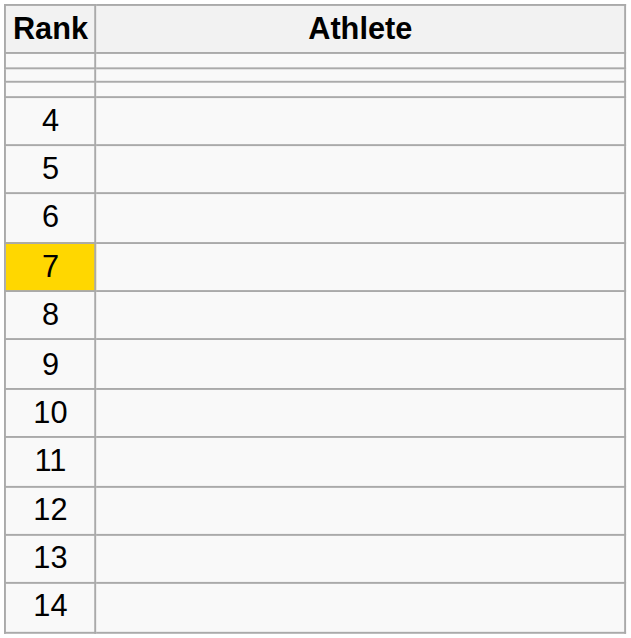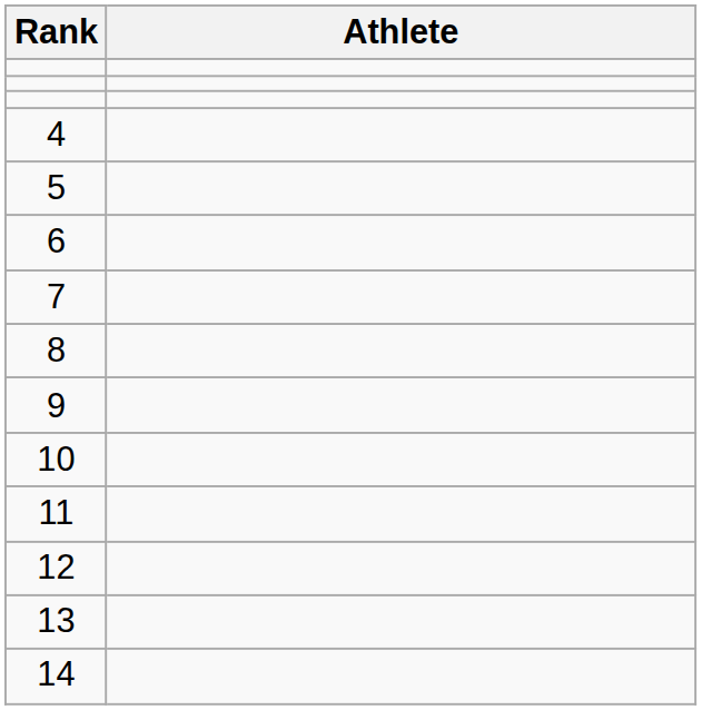 <table class="wikitable" style="text-align: center;">
 <tr>
 <th width=40>Rank</th>
 <th width=268>Athlete</th>
 </tr>
 <tr>
 <td></td>
 <td align="left"></td>
 </tr>
 <tr>
 <td></td>
 <td align="left"></td>
 </tr>
 <tr>
 <td></td>
 <td align="left"></td>
 </tr>
 <tr>
 <td>4</td>
 <td align="left"></td>
 </tr>
 <tr>
 <td>5</td>
 <td align="left"></td>
 </tr>
 <tr>
 <td>6</td>
 <td align="left"></td>
 </tr>
 <tr>
-<td style="background: gold;">7</td>
+<td>7</td>
 <td align="left"></td>
 </tr>
 <tr>
 <td>8</td>
 <td align="left"></td>
 </tr>
 <tr>
 <td>9</td>
 <td align="left"></td>
 </tr>
 <tr>
 <td>10</td>
 <td align="left"></td>
 </tr>
 <tr>
 <td>11</td>
 <td align="left"></td>
 </tr>
 <tr>
 <td>12</td>
 <td align="left"></td>
 </tr>
 <tr>
 <td>13</td>
 <td align="left"></td>
 </tr>
 <tr>
 <td>14</td>
 <td align="left"></td>
 </tr>
 </table>
